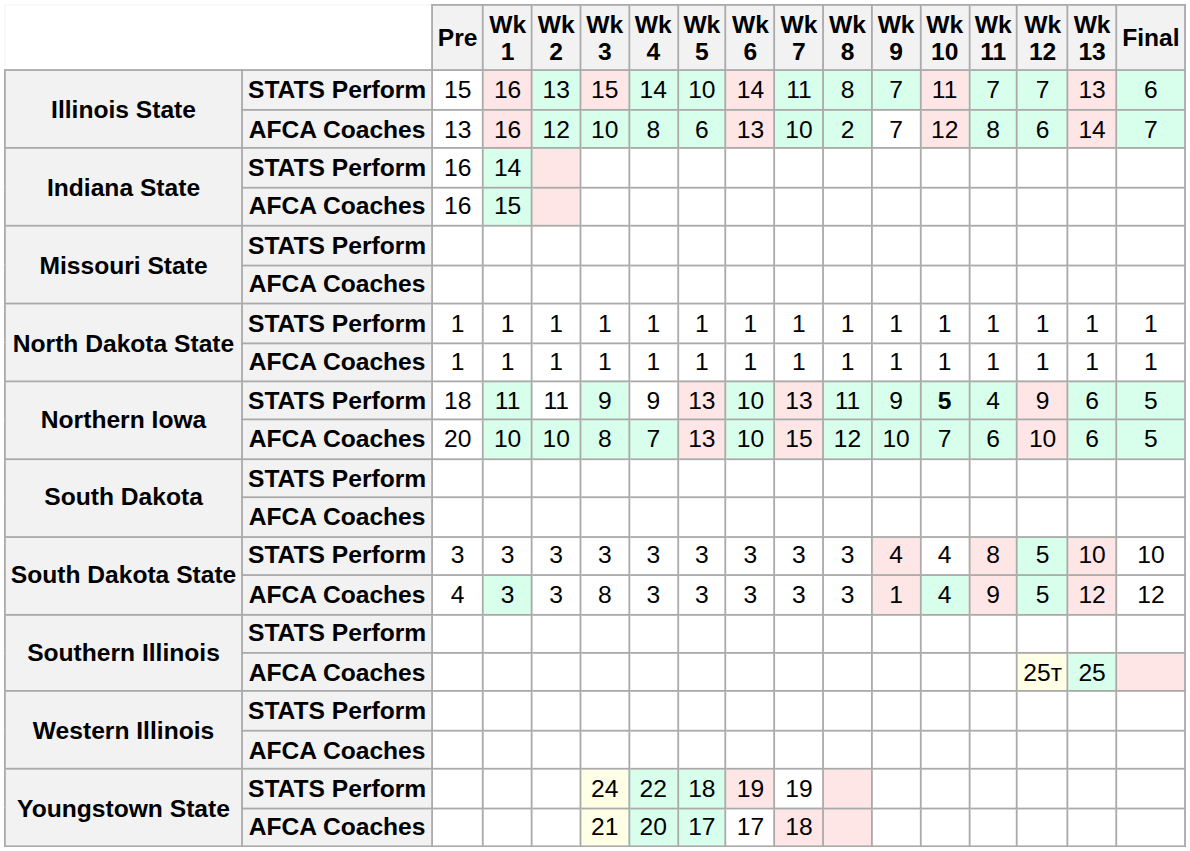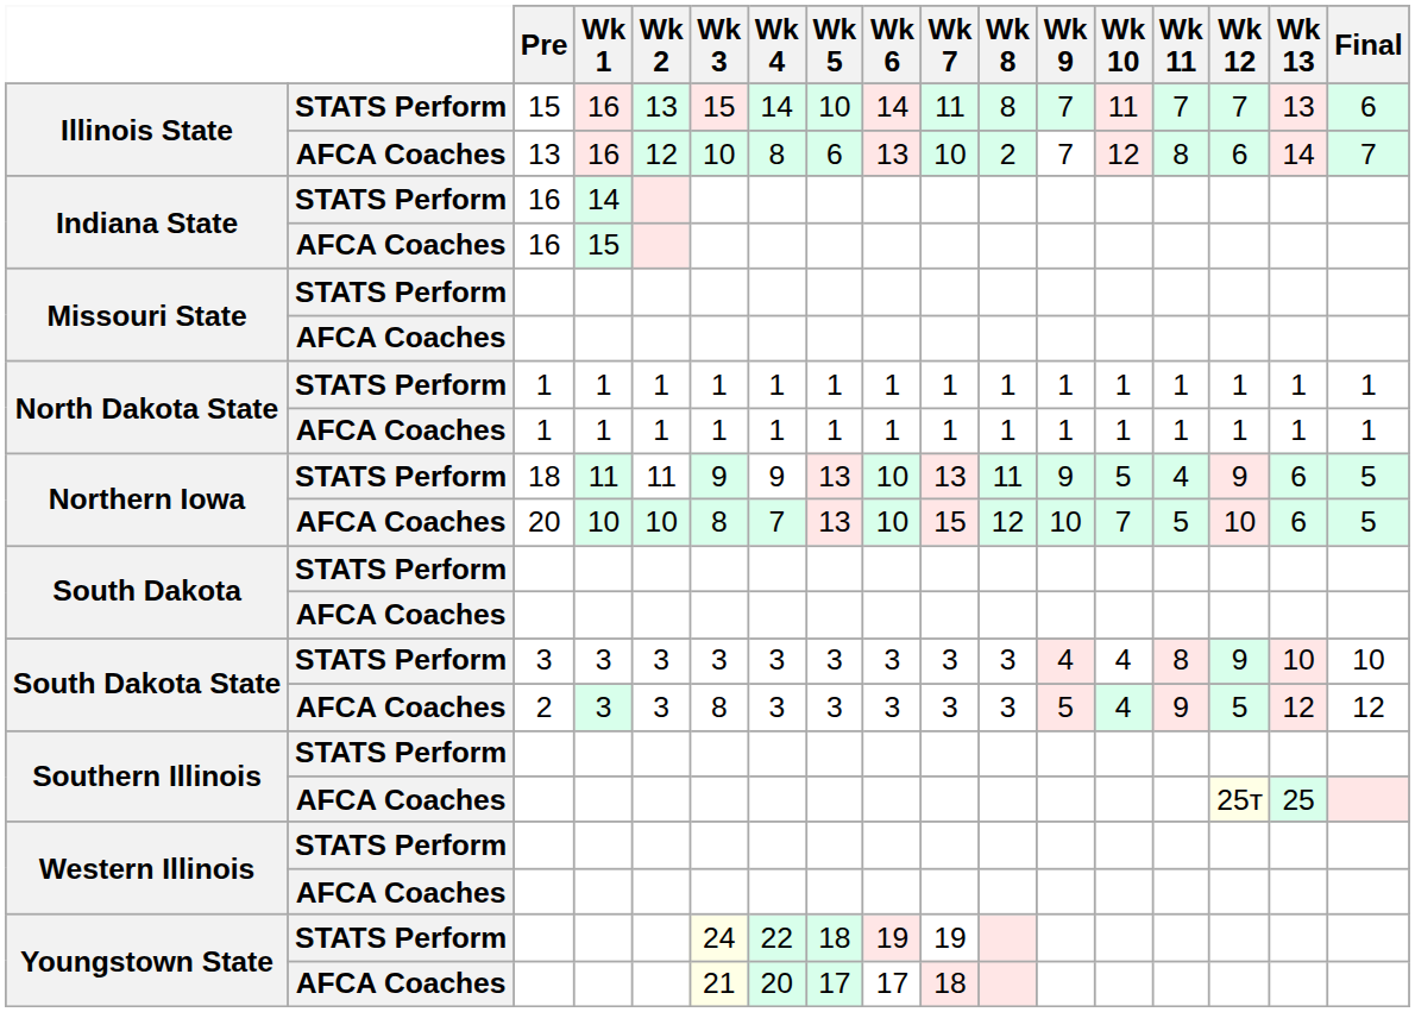 <table class="wikitable" style="white-space:nowrap;font-size:85%;">
 <tr>
 <th colspan=2 style="background:white; border-top-style:hidden; border-left-style:hidden;"> </th>
 <th>Pre</th>
 <th>Wk<br>1</th>
 <th>Wk<br>2</th>
 <th>Wk<br>3</th>
 <th>Wk<br>4</th>
 <th>Wk<br>5</th>
 <th>Wk<br>6</th>
 <th>Wk<br>7</th>
 <th>Wk<br>8</th>
 <th>Wk<br>9</th>
 <th>Wk<br>10</th>
 <th>Wk<br>11</th>
 <th>Wk<br>12</th>
 <th>Wk<br>13</th>
 <th>Final</th>
 </tr>
 <tr style="text-align:center;">
 <th rowspan="2">Illinois State</th>
 <th>STATS Perform</th>
 <td style="background:#FFF;">15</td>
 <td style="background:#FFe6e6;">16</td>
 <td style="background:#d8ffeb;">13</td>
 <td style="background:#FFe6e6;">15</td>
 <td style="background:#d8ffeb;">14</td>
 <td style="background:#d8ffeb;">10</td>
 <td style="background:#FFe6e6;">14</td>
 <td style="background:#d8ffeb;">11</td>
 <td style="background:#d8ffeb;">8</td>
 <td style="background:#d8ffeb;">7</td>
 <td style="background:#FFe6e6;">11</td>
 <td style="background:#d8ffeb;">7</td>
 <td style="background:#d8ffeb;">7</td>
 <td style="background:#FFe6e6;">13</td>
 <td style="background:#d8ffeb;">6</td>
 </tr>
 <tr style="text-align:center;">
 <th>AFCA Coaches</th>
 <td style="background:#FFF;">13</td>
 <td style="background:#FFe6e6;">16</td>
 <td style="background:#d8ffeb;">12</td>
 <td style="background:#d8ffeb;">10</td>
 <td style="background:#d8ffeb;">8</td>
 <td style="background:#d8ffeb;">6</td>
 <td style="background:#FFe6e6;">13</td>
 <td style="background:#d6ffeb;">10</td>
 <td style="background:#d8ffeb;">2</td>
 <td style="background:#FFF;">7</td>
 <td style="background:#FFe6e6;">12</td>
 <td style="background:#d8ffeb;">8</td>
 <td style="background:#d8ffeb;">6</td>
 <td style="background:#FFe6e6;">14</td>
 <td style="background:#d8ffeb;">7</td>
 </tr>
 <tr style="text-align:center;">
 <th rowspan="2">Indiana State</th>
 <th>STATS Perform</th>
 <td style="background:#FFF;">16</td>
 <td style="background:#d8ffeb;">14</td>
 <td style="background:#FFe6e6;"></td>
 <td style="background:#FFF;"></td>
 <td style="background:#FFF;"></td>
 <td style="background:#FFF;"></td>
 <td style="background:#FFF;"></td>
 <td style="background:#FFF;"></td>
 <td style="background:#FFF;"></td>
 <td style="background:#FFF;"></td>
 <td style="background:#FFF;"></td>
 <td style="background:#FFF;"></td>
 <td style="background:#FFF;"></td>
 <td style="background:#FFF;"></td>
 <td style="background:#FFF;"></td>
 </tr>
 <tr style="text-align:center;">
 <th>AFCA Coaches</th>
 <td style="background:#FFF;">16</td>
 <td style="background:#d8ffeb;">15</td>
 <td style="background:#FFe6e6;"></td>
 <td style="background:#FFF;"></td>
 <td style="background:#FFF;"></td>
 <td style="background:#FFF;"></td>
 <td style="background:#FFF;"></td>
 <td style="background:#FFF;"></td>
 <td style="background:#FFF;"></td>
 <td style="background:#FFF;"></td>
 <td style="background:#FFF;"></td>
 <td style="background:#FFF;"></td>
 <td style="background:#FFF;"></td>
 <td style="background:#FFF;"></td>
 <td style="background:#FFF;"></td>
 </tr>
 <tr style="text-align:center;">
 <th rowspan="2">Missouri State</th>
 <th>STATS Perform</th>
 <td style="background:#FFF;"></td>
 <td style="background:#FFF;"></td>
 <td style="background:#FFF;"></td>
 <td style="background:#FFF;"></td>
 <td style="background:#FFF;"></td>
 <td style="background:#FFF;"></td>
 <td style="background:#FFF;"></td>
 <td style="background:#FFF;"></td>
 <td style="background:#FFF;"></td>
 <td style="background:#FFF;"></td>
 <td style="background:#FFF;"></td>
 <td style="background:#FFF;"></td>
 <td style="background:#FFF;"></td>
 <td style="background:#FFF;"></td>
 <td style="background:#FFF;"></td>
 </tr>
 <tr style="text-align:center;">
 <th>AFCA Coaches</th>
 <td style="background:#FFF;"></td>
 <td style="background:#FFF;"></td>
 <td style="background:#FFF;"></td>
 <td style="background:#FFF;"></td>
 <td style="background:#FFF;"></td>
 <td style="background:#FFF;"></td>
 <td style="background:#FFF;"></td>
 <td style="background:#FFF;"></td>
 <td style="background:#FFF;"></td>
 <td style="background:#FFF;"></td>
 <td style="background:#FFF;"></td>
 <td style="background:#FFF;"></td>
 <td style="background:#FFF;"></td>
 <td style="background:#FFF;"></td>
 <td style="background:#FFF;"></td>
 </tr>
 <tr style="text-align:center;">
 <th rowspan="2">North Dakota State</th>
 <th>STATS Perform</th>
 <td style="background:#FFF;">1</td>
 <td style="background:#FFF;">1</td>
 <td style="background:#FFF;">1</td>
 <td style="background:#FFF;">1</td>
 <td style="background:#FFF;">1</td>
 <td style="background:#FFF;">1</td>
 <td style="background:#FFF;">1</td>
 <td style="background:#FFF;">1</td>
 <td style="background:#FFF;">1</td>
 <td style="background:#FFF;">1</td>
 <td style="background:#FFF;">1</td>
 <td style="background:#FFF;">1</td>
 <td style="background:#FFF;">1</td>
 <td style="background:#FFF;">1</td>
 <td style="background:#FFF;">1</td>
 </tr>
 <tr style="text-align:center;">
 <th>AFCA Coaches</th>
 <td style="background:#FFF;">1</td>
 <td style="background:#FFF;">1</td>
 <td style="background:#FFF;">1</td>
 <td style="background:#FFF;">1</td>
 <td style="background:#FFF;">1</td>
 <td style="background:#FFF;">1</td>
 <td style="background:#FFF;">1</td>
 <td style="background:#FFF;">1</td>
 <td style="background:#FFF;">1</td>
 <td style="background:#FFF;">1</td>
 <td style="background:#FFF;">1</td>
 <td style="background:#FFF;">1</td>
 <td style="background:#FFF;">1</td>
 <td style="background:#FFF;">1</td>
 <td style="background:#FFF;">1</td>
 </tr>
 <tr style="text-align:center;">
 <th rowspan="2">Northern Iowa</th>
 <th>STATS Perform</th>
 <td style="background:#FFF;">18</td>
 <td style="background:#d8ffeb;">11</td>
 <td style="background:#FFF;">11</td>
 <td style="background:#d8ffeb;">9</td>
 <td style="background:#FFF;">9</td>
 <td style="background:#FFe6e6;">13</td>
 <td style="background:#d8ffeb;">10</td>
 <td style="background:#FFe6e6;">13</td>
 <td style="background:#d8ffeb;">11</td>
 <td style="background:#d8ffeb;">9</td>
-<td style="background:#d8ffeb;"><strong>5</strong></td>
+<td style="background:#d8ffeb;">5</td>
 <td style="background:#d8ffeb;">4</td>
 <td style="background:#FFe6e6;">9</td>
 <td style="background:#d8ffeb;">6</td>
 <td style="background:#d8ffeb;">5</td>
 </tr>
 <tr style="text-align:center;">
 <th>AFCA Coaches</th>
 <td style="background:#FFF;">20</td>
 <td style="background:#d8ffeb;">10</td>
 <td style="background:#d8ffeb;">10</td>
 <td style="background:#d8ffeb;">8</td>
 <td style="background:#d8ffeb;">7</td>
 <td style="background:#FFe6e6;">13</td>
 <td style="background:#d8ffeb;">10</td>
 <td style="background:#FFe6e6;">15</td>
 <td style="background:#d8ffeb;">12</td>
 <td style="background:#d8ffeb;">10</td>
 <td style="background:#d8ffeb;">7</td>
-<td style="background:#d8ffeb;">6</td>
+<td style="background:#d8ffeb;">5</td>
 <td style="background:#FFe6e6;">10</td>
 <td style="background:#d8ffeb;">6</td>
 <td style="background:#d8ffeb;">5</td>
 </tr>
 <tr style="text-align:center;">
 <th rowspan="2">South Dakota</th>
 <th>STATS Perform</th>
 <td style="background:#FFF;"></td>
 <td style="background:#FFF;"></td>
 <td style="background:#FFF;"></td>
 <td style="background:#FFF;"></td>
 <td style="background:#FFF;"></td>
 <td style="background:#FFF;"></td>
 <td style="background:#FFF;"></td>
 <td style="background:#FFF;"></td>
 <td style="background:#FFF;"></td>
 <td style="background:#FFF;"></td>
 <td style="background:#FFF;"></td>
 <td style="background:#FFF;"></td>
 <td style="background:#FFF;"></td>
 <td style="background:#FFF;"></td>
 <td style="background:#FFF;"></td>
 </tr>
 <tr style="text-align:center;">
 <th>AFCA Coaches</th>
 <td style="background:#FFF;"></td>
 <td style="background:#FFF;"></td>
 <td style="background:#FFF;"></td>
 <td style="background:#FFF;"></td>
 <td style="background:#FFF;"></td>
 <td style="background:#FFF;"></td>
 <td style="background:#FFF;"></td>
 <td style="background:#FFF;"></td>
 <td style="background:#FFF;"></td>
 <td style="background:#FFF;"></td>
 <td style="background:#FFF;"></td>
 <td style="background:#FFF;"></td>
 <td style="background:#FFF;"></td>
 <td style="background:#FFF;"></td>
 <td style="background:#FFF;"></td>
 </tr>
 <tr style="text-align:center;">
 <th rowspan="2">South Dakota State</th>
 <th>STATS Perform</th>
 <td style="background:#FFF;">3</td>
 <td style="background:#FFF;">3</td>
 <td style="background:#FFF;">3</td>
 <td style="background:#FFF;">3</td>
 <td style="background:#FFF;">3</td>
 <td style="background:#FFF;">3</td>
 <td style="background:#FFF;">3</td>
 <td style="background:#FFF;">3</td>
 <td style="background:#FFF;">3</td>
 <td style="background:#FFe6e6;">4</td>
 <td style="background:#FFF;">4</td>
 <td style="background:#FFe6e6;">8</td>
-<td style="background:#d8ffeb;">5</td>
+<td style="background:#d8ffeb;">9</td>
 <td style="background:#FFe6e6;">10</td>
 <td style="background:#FFF;">10</td>
 </tr>
 <tr style="text-align:center;">
 <th>AFCA Coaches</th>
-<td style="background:#FFF;">4</td>
+<td style="background:#FFF;">2</td>
 <td style="background:#d8ffeb;">3</td>
 <td style="background:#FFF;">3</td>
 <td style="background:#FFF;">8</td>
 <td style="background:#FFF;">3</td>
 <td style="background:#FFF;">3</td>
 <td style="background:#FFF;">3</td>
 <td style="background:#FFF;">3</td>
 <td style="background:#FFF;">3</td>
-<td style="background:#FFe6e6;">1</td>
+<td style="background:#FFe6e6;">5</td>
 <td style="background:#d8ffeb;">4</td>
 <td style="background:#FFe6e6;">9</td>
 <td style="background:#d8ffeb;">5</td>
 <td style="background:#FFe6e6;">12</td>
 <td style="background:#FFF;">12</td>
 </tr>
 <tr style="text-align:center;">
 <th rowspan="2">Southern Illinois</th>
 <th>STATS Perform</th>
 <td style="background:#FFF;"></td>
 <td style="background:#FFF;"></td>
 <td style="background:#FFF;"></td>
 <td style="background:#FFF;"></td>
 <td style="background:#FFF;"></td>
 <td style="background:#FFF;"></td>
 <td style="background:#FFF;"></td>
 <td style="background:#FFF;"></td>
 <td style="background:#FFF;"></td>
 <td style="background:#FFF;"></td>
 <td style="background:#FFF;"></td>
 <td style="background:#FFF;"></td>
 <td style="background:#FFF;"></td>
 <td style="background:#FFF;"></td>
 <td style="background:#FFF;"></td>
 </tr>
 <tr style="text-align:center;">
 <th>AFCA Coaches</th>
 <td style="background:#FFF;"></td>
 <td style="background:#FFF;"></td>
 <td style="background:#FFF;"></td>
 <td style="background:#FFF;"></td>
 <td style="background:#FFF;"></td>
 <td style="background:#FFF;"></td>
 <td style="background:#FFF;"></td>
 <td style="background:#FFF;"></td>
 <td style="background:#FFF;"></td>
 <td style="background:#FFF;"></td>
 <td style="background:#FFF;"></td>
 <td style="background:#FFF;"></td>
 <td style="background:#ffffe6;">25т</td>
 <td style="background:#d8ffeb;">25</td>
 <td style="background:#FFe6e6;"></td>
 </tr>
 <tr style="text-align:center;">
 <th rowspan="2">Western Illinois</th>
 <th>STATS Perform</th>
 <td style="background:#FFF;"></td>
 <td style="background:#FFF;"></td>
 <td style="background:#FFF;"></td>
 <td style="background:#FFF;"></td>
 <td style="background:#FFF;"></td>
 <td style="background:#FFF;"></td>
 <td style="background:#FFF;"></td>
 <td style="background:#FFF;"></td>
 <td style="background:#FFF;"></td>
 <td style="background:#FFF;"></td>
 <td style="background:#FFF;"></td>
 <td style="background:#FFF;"></td>
 <td style="background:#FFF;"></td>
 <td style="background:#FFF;"></td>
 <td style="background:#FFF;"></td>
 </tr>
 <tr style="text-align:center;">
 <th>AFCA Coaches</th>
 <td style="background:#FFF;"></td>
 <td style="background:#FFF;"></td>
 <td style="background:#FFF;"></td>
 <td style="background:#FFF;"></td>
 <td style="background:#FFF;"></td>
 <td style="background:#FFF;"></td>
 <td style="background:#FFF;"></td>
 <td style="background:#FFF;"></td>
 <td style="background:#FFF;"></td>
 <td style="background:#FFF;"></td>
 <td style="background:#FFF;"></td>
 <td style="background:#FFF;"></td>
 <td style="background:#FFF;"></td>
 <td style="background:#FFF;"></td>
 <td style="background:#FFF;"></td>
 </tr>
 <tr style="text-align:center;">
 <th rowspan="2">Youngstown State</th>
 <th>STATS Perform</th>
 <td style="background:#FFF;"></td>
 <td style="background:#FFF;"></td>
 <td style="background:#FFF;"></td>
 <td style="background:#FFFfe6;">24</td>
 <td style="background:#d8ffeb;">22</td>
 <td style="background:#d8ffeb;">18</td>
 <td style="background:#FFe6e6;">19</td>
 <td style="background:#FFF;">19</td>
 <td style="background:#FFe6e6;"></td>
 <td style="background:#FFF;"></td>
 <td style="background:#FFF;"></td>
 <td style="background:#FFF;"></td>
 <td style="background:#FFF;"></td>
 <td style="background:#FFF;"></td>
 <td style="background:#FFF;"></td>
 </tr>
 <tr style="text-align:center;">
 <th>AFCA Coaches</th>
 <td style="background:#FFF;"></td>
 <td style="background:#FFF;"></td>
 <td style="background:#FFF;"></td>
 <td style="background:#FFFfe6;">21</td>
 <td style="background:#d8ffeb;">20</td>
 <td style="background:#d8ffeb;">17</td>
 <td style="background:#FFF;">17</td>
 <td style="background:#FFe6e6;">18</td>
 <td style="background:#FFe6e6;"></td>
 <td style="background:#FFF;"></td>
 <td style="background:#FFF;"></td>
 <td style="background:#FFF;"></td>
 <td style="background:#FFF;"></td>
 <td style="background:#FFF;"></td>
 <td style="background:#FFF;"></td>
 </tr>
 <tr style="text-align:center;">
 </tr>
 </table>
